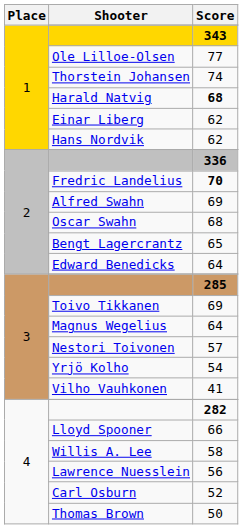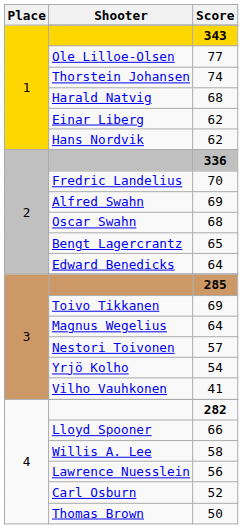 <table class=wikitable style="text-align:center">
 <tr>
 <th>Place</th>
 <th>Shooter</th>
 <th>Score</th>
 </tr>
 <tr>
 <td rowspan=7 align=center bgcolor=gold>1</td>
 </tr>
 <tr>
 <td align=left bgcolor=gold></td>
 <td bgcolor=gold><strong>343</strong></td>
 </tr>
 <tr>
 <td align=left><a href='#'>Ole Lilloe-Olsen</a></td>
 <td>77</td>
 </tr>
 <tr>
 <td align=left><a href='#'>Thorstein Johansen</a></td>
 <td>74</td>
 </tr>
 <tr>
 <td align=left><a href='#'>Harald Natvig</a></td>
-<td><strong>68</strong></td>
+<td>68</td>
 </tr>
 <tr>
 <td align=left><a href='#'>Einar Liberg</a></td>
 <td>62</td>
 </tr>
 <tr>
 <td align=left><a href='#'>Hans Nordvik</a></td>
 <td>62</td>
 </tr>
 <tr>
 <td rowspan=7 align=center bgcolor=silver>2</td>
 </tr>
 <tr>
 <td align=left bgcolor=silver></td>
 <td bgcolor=silver><strong>336</strong></td>
 </tr>
 <tr>
 <td align=left><a href='#'>Fredric Landelius</a></td>
-<td><strong>70</strong></td>
+<td>70</td>
 </tr>
 <tr>
 <td align=left><a href='#'>Alfred Swahn</a></td>
 <td>69</td>
 </tr>
 <tr>
 <td align=left><a href='#'>Oscar Swahn</a></td>
 <td>68</td>
 </tr>
 <tr>
 <td align=left><a href='#'>Bengt Lagercrantz</a></td>
 <td>65</td>
 </tr>
 <tr>
 <td align=left><a href='#'>Edward Benedicks</a></td>
 <td>64</td>
 </tr>
 <tr>
 <td rowspan=7 align=center bgcolor=cc9966>3</td>
 </tr>
 <tr>
 <td align=left bgcolor=cc9966></td>
 <td bgcolor=cc9966><strong>285</strong></td>
 </tr>
 <tr>
 <td align=left><a href='#'>Toivo Tikkanen</a></td>
 <td>69</td>
 </tr>
 <tr>
 <td align=left><a href='#'>Magnus Wegelius</a></td>
 <td>64</td>
 </tr>
 <tr>
 <td align=left><a href='#'>Nestori Toivonen</a></td>
 <td>57</td>
 </tr>
 <tr>
 <td align=left><a href='#'>Yrjö Kolho</a></td>
 <td>54</td>
 </tr>
 <tr>
 <td align=left><a href='#'>Vilho Vauhkonen</a></td>
 <td>41</td>
 </tr>
 <tr>
 <td rowspan=7>4</td>
 </tr>
 <tr>
 <td align=left></td>
 <td><strong>282</strong></td>
 </tr>
 <tr>
 <td align=left><a href='#'>Lloyd Spooner</a></td>
 <td>66</td>
 </tr>
 <tr>
 <td align=left><a href='#'>Willis A. Lee</a></td>
 <td>58</td>
 </tr>
 <tr>
 <td align=left><a href='#'>Lawrence Nuesslein</a></td>
 <td>56</td>
 </tr>
 <tr>
 <td align=left><a href='#'>Carl Osburn</a></td>
 <td>52</td>
 </tr>
 <tr>
 <td align=left><a href='#'>Thomas Brown</a></td>
 <td>50</td>
 </tr>
 </table>
